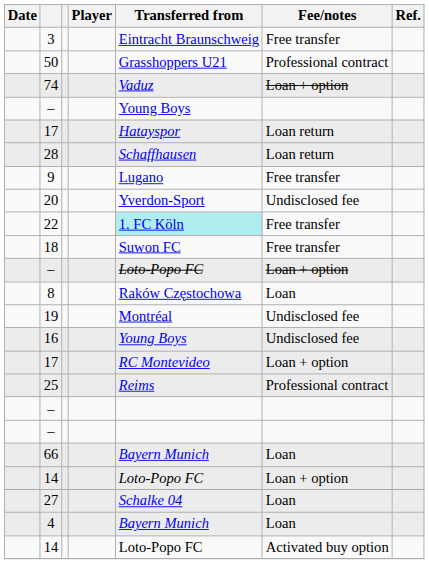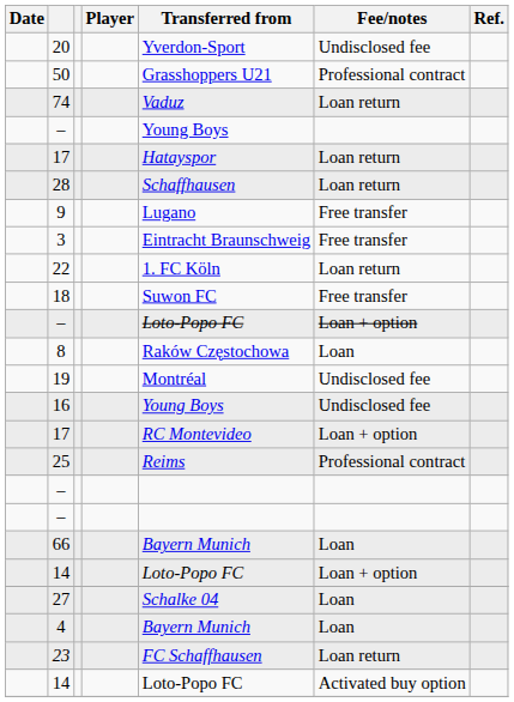 <table class="wikitable plainrowheaders sortable">
 <tr>
 <th scope=col>Date</th>
 <th></th>
 <th></th>
 <th scope=col>Player</th>
 <th>Transferred from</th>
 <th !scope=col>Fee/notes</th>
 <th scope=col>Ref.</th>
 </tr>
 <tr>
 <td></td>
-<td align=center>3</td>
+<td align=center>20</td>
 <td align=center></td>
 <td></td>
-<td> <a href='#'>Eintracht Braunschweig</a></td>
-<td>Free transfer</td>
+<td> <a href='#'>Yverdon-Sport</a></td>
+<td>Undisclosed fee</td>
 <td></td>
 </tr>
 <tr>
 <td></td>
 <td align=center>50</td>
 <td align=center></td>
 <td></td>
 <td> <a href='#'>Grasshoppers U21</a></td>
 <td>Professional contract</td>
 <td></td>
 </tr>
 <tr style="background:#ececec;">
 <td></td>
 <td style="text-align:center">74</td>
 <td style="text-align:center"></td>
 <td></td>
 <td> <em><a href='#'>Vaduz</a></em></td>
-<td><s>Loan + option</s></td>
+<td>Loan return</td>
 <td></td>
 </tr>
 <tr>
 <td></td>
 <td align=center>–</td>
 <td align=center></td>
 <td></td>
 <td> <a href='#'>Young Boys</a></td>
 <td></td>
 <td></td>
 </tr>
 <tr style="background:#ececec;">
 <td></td>
 <td align=center>17</td>
 <td align=center></td>
 <td></td>
 <td> <em><a href='#'>Hatayspor</a></em></td>
 <td>Loan return</td>
 <td></td>
 </tr>
 <tr style="background:#ececec;">
 <td></td>
 <td style="text-align:center">28</td>
 <td style="text-align:center"></td>
 <td></td>
 <td> <em><a href='#'>Schaffhausen</a></em></td>
 <td>Loan return</td>
 <td></td>
 </tr>
 <tr>
 <td></td>
 <td align=center>9</td>
 <td align=center></td>
 <td></td>
 <td> <a href='#'>Lugano</a></td>
 <td>Free transfer</td>
 <td></td>
 </tr>
 <tr>
 <td></td>
-<td align=center>20</td>
+<td align=center>3</td>
 <td align=center></td>
 <td></td>
-<td> <a href='#'>Yverdon-Sport</a></td>
-<td>Undisclosed fee</td>
+<td> <a href='#'>Eintracht Braunschweig</a></td>
+<td>Free transfer</td>
 <td></td>
 </tr>
 <tr>
 <td></td>
 <td align=center>22</td>
 <td align=center></td>
 <td></td>
-<td style="background: paleturquoise;"> <a href='#'>1. FC Köln</a></td>
-<td>Free transfer</td>
+<td> <a href='#'>1. FC Köln</a></td>
+<td>Loan return</td>
 <td></td>
 </tr>
 <tr>
 <td></td>
 <td align=center>18</td>
 <td align=center></td>
 <td></td>
 <td> <a href='#'>Suwon FC</a></td>
 <td>Free transfer</td>
 <td></td>
 </tr>
 <tr style="background:#ececec;">
 <td></td>
 <td align=center>–</td>
 <td align=center></td>
 <td><s> <em></em></s></td>
 <td><s> <em>Loto-Popo FC</em></s></td>
 <td><s>Loan + option</s></td>
 <td></td>
 </tr>
 <tr>
 <td></td>
 <td align=center>8</td>
 <td align=center></td>
 <td></td>
 <td> <a href='#'>Raków Częstochowa</a></td>
 <td>Loan</td>
 <td></td>
 </tr>
 <tr>
 <td></td>
 <td align=center>19</td>
 <td align=center></td>
 <td> </td>
 <td> <a href='#'>Montréal</a></td>
 <td>Undisclosed fee</td>
 <td></td>
 </tr>
 <tr style="background:#ececec;">
 <td></td>
 <td align=center>16</td>
 <td align=center></td>
 <td> <em></em></td>
 <td> <em><a href='#'>Young Boys</a></em></td>
 <td>Undisclosed fee</td>
 <td></td>
 </tr>
 <tr style="background:#ececec;">
 <td></td>
 <td align=center>17</td>
 <td align=center></td>
 <td> <em></em></td>
 <td> <em><a href='#'>RC Montevideo</a></em></td>
 <td>Loan + option</td>
 <td></td>
 </tr>
 <tr style="background:#ececec;">
 <td></td>
 <td align=center>25</td>
 <td align=center></td>
 <td> <em></em></td>
 <td> <em><a href='#'>Reims</a></em></td>
 <td>Professional contract</td>
 <td></td>
 </tr>
 <tr>
 <td></td>
 <td align=center>–</td>
 <td align=center></td>
 <td></td>
 <td></td>
 <td></td>
 <td></td>
 </tr>
 <tr>
 <td></td>
 <td align=center>–</td>
 <td align=center></td>
 <td></td>
 <td></td>
 <td></td>
 <td></td>
 </tr>
 <tr style="background:#ececec;">
 <td></td>
 <td align=center>66</td>
 <td align=center></td>
 <td> <em></em></td>
 <td> <em><a href='#'>Bayern Munich</a></em></td>
 <td>Loan</td>
 <td></td>
 </tr>
 <tr style="background:#ececec;">
 <td></td>
 <td align=center>14</td>
 <td align=center></td>
 <td> <em></em></td>
 <td> <em>Loto-Popo FC</em></td>
 <td>Loan + option</td>
 <td></td>
 </tr>
 <tr>
 </tr>
 <tr style="background:#ececec;">
 <td></td>
 <td align=center>27</td>
 <td align=center></td>
 <td> <em></em></td>
 <td> <em><a href='#'>Schalke 04</a></em></td>
 <td>Loan</td>
 <td></td>
 </tr>
 <tr style="background:#ececec;">
 <td></td>
 <td align=center>4</td>
 <td align=center></td>
 <td> <em></em></td>
 <td> <em><a href='#'>Bayern Munich</a></em></td>
 <td>Loan</td>
 <td></td>
 </tr>
+<tr style="background:#ececec;">
+<td></td>
+<td align=center><em>23</em></td>
+<td align=center></td>
+<td></td>
+<td> <em><a href='#'>FC Schaffhausen</a></em></td>
+<td>Loan return</td>
+<td></td>
+</tr>
 <tr>
 <td></td>
 <td align=center>14</td>
 <td align=center></td>
 <td> </td>
 <td> Loto-Popo FC</td>
 <td>Activated buy option</td>
 <td></td>
 </tr>
 <tr>
 </tr>
 </table>
